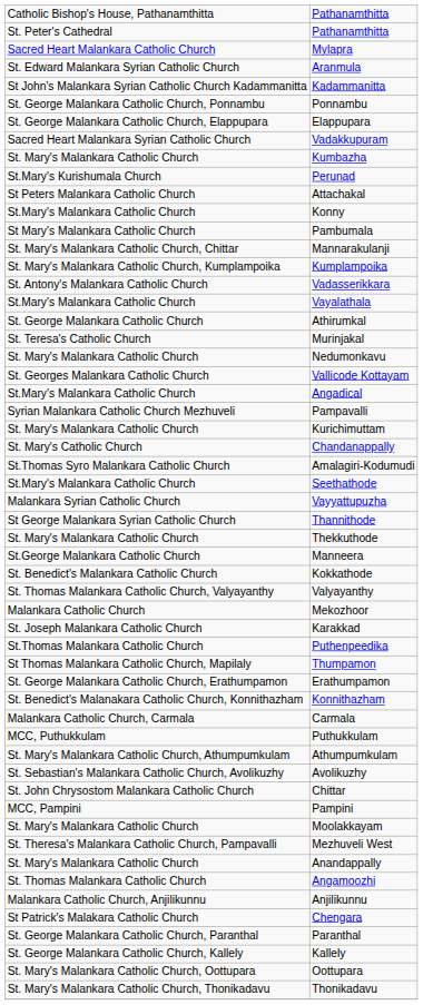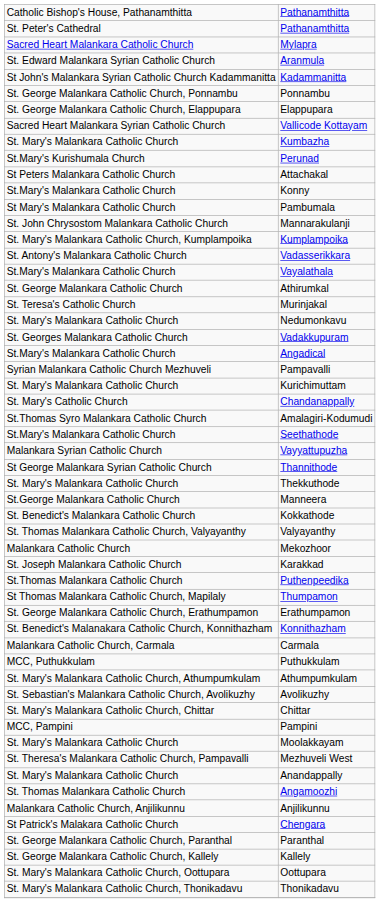 <table class="wikitable">
 <tr>
 <td>Catholic Bishop's House, Pathanamthitta</td>
 <td><a href='#'>Pathanamthitta</a></td>
 </tr>
 <tr>
 <td>St. Peter's Cathedral</td>
 <td><a href='#'>Pathanamthitta</a></td>
 </tr>
 <tr>
 <td><a href='#'>Sacred Heart  Malankara Catholic Church</a></td>
 <td><a href='#'>Mylapra</a></td>
 </tr>
 <tr>
 <td>St. Edward  Malankara Syrian Catholic Church</td>
 <td><a href='#'>Aranmula</a></td>
 </tr>
 <tr>
 <td>St John's  Malankara Syrian Catholic Church Kadammanitta</td>
 <td><a href='#'>Kadammanitta</a></td>
 </tr>
 <tr>
 <td>St. George  Malankara Catholic Church, Ponnambu</td>
 <td>Ponnambu</td>
 </tr>
 <tr>
 <td>St. George  Malankara Catholic Church, Elappupara</td>
 <td>Elappupara</td>
 </tr>
 <tr>
 <td>Sacred Heart  Malankara Syrian Catholic Church</td>
-<td><a href='#'>Vadakkupuram</a></td>
+<td><a href='#'>Vallicode Kottayam</a></td>
 </tr>
 <tr>
 <td>St. Mary's  Malankara Catholic Church</td>
 <td><a href='#'>Kumbazha</a></td>
 </tr>
 <tr>
 <td>St.Mary's  Kurishumala Church</td>
 <td><a href='#'>Perunad</a></td>
 </tr>
 <tr>
 <td>St Peters  Malankara Catholic Church</td>
 <td>Attachakal</td>
 </tr>
 <tr>
 <td>St.Mary's  Malankara Catholic Church</td>
 <td>Konny</td>
 </tr>
 <tr>
 <td>St Mary's  Malankara Catholic Church</td>
 <td>Pambumala</td>
 </tr>
 <tr>
-<td>St. Mary's  Malankara Catholic Church, Chittar</td>
+<td>St. John  Chrysostom Malankara Catholic Church</td>
 <td>Mannarakulanji</td>
 </tr>
 <tr>
 <td>St. Mary's Malankara Catholic Church, Kumplampoika</td>
 <td><a href='#'>Kumplampoika</a></td>
 </tr>
 <tr>
 <td>St. Antony's Malankara Catholic Church</td>
 <td><a href='#'>Vadasserikkara</a></td>
 </tr>
 <tr>
 <td>St.Mary's  Malankara Catholic Church</td>
 <td><a href='#'>Vayalathala</a></td>
 </tr>
 <tr>
 <td>St. George  Malankara Catholic Church</td>
 <td>Athirumkal</td>
 </tr>
 <tr>
 <td>St. Teresa's  Catholic Church</td>
 <td>Murinjakal</td>
 </tr>
 <tr>
 <td>St. Mary's  Malankara Catholic Church</td>
 <td>Nedumonkavu</td>
 </tr>
 <tr>
 <td>St. Georges  Malankara Catholic Church</td>
-<td><a href='#'>Vallicode Kottayam</a></td>
+<td><a href='#'>Vadakkupuram</a></td>
 </tr>
 <tr>
 <td>St.Mary's  Malankara Catholic Church</td>
 <td><a href='#'>Angadical</a></td>
 </tr>
 <tr>
 <td>Syrian  Malankara Catholic Church Mezhuveli</td>
 <td>Pampavalli</td>
 </tr>
 <tr>
 <td>St. Mary's  Malankara Catholic Church</td>
 <td>Kurichimuttam</td>
 </tr>
 <tr>
 <td>St. Mary's  Catholic Church</td>
 <td><a href='#'>Chandanappally</a></td>
 </tr>
 <tr>
 <td>St.Thomas Syro  Malankara Catholic Church</td>
 <td>Amalagiri-Kodumudi</td>
 </tr>
 <tr>
 <td>St.Mary's  Malankara Catholic Church</td>
 <td><a href='#'>Seethathode</a></td>
 </tr>
 <tr>
 <td>Malankara  Syrian Catholic Church</td>
 <td><a href='#'>Vayyattupuzha</a></td>
 </tr>
 <tr>
 <td>St George  Malankara Syrian Catholic Church</td>
 <td><a href='#'>Thannithode</a></td>
 </tr>
 <tr>
 <td>St. Mary's Malankara Catholic Church</td>
 <td>Thekkuthode</td>
 </tr>
 <tr>
 <td>St.George  Malankara Catholic Church</td>
 <td>Manneera</td>
 </tr>
 <tr>
 <td>St. Benedict's Malankara Catholic Church</td>
 <td>Kokkathode</td>
 </tr>
 <tr>
 <td>St. Thomas  Malankara Catholic Church, Valyayanthy</td>
 <td>Valyayanthy</td>
 </tr>
 <tr>
 <td>Malankara  Catholic Church</td>
 <td>Mekozhoor</td>
 </tr>
 <tr>
 <td>St. Joseph  Malankara Catholic Church</td>
 <td>Karakkad</td>
 </tr>
 <tr>
 <td>St.Thomas  Malankara Catholic Church</td>
 <td><a href='#'>Puthenpeedika</a></td>
 </tr>
 <tr>
 <td>St Thomas  Malankara Catholic Church, Mapilaly</td>
 <td><a href='#'>Thumpamon</a></td>
 </tr>
 <tr>
 <td>St. George  Malankara Catholic Church, Erathumpamon</td>
 <td>Erathumpamon</td>
 </tr>
 <tr>
 <td>St. Benedict's  Malanakara Catholic Church, Konnithazham</td>
 <td><a href='#'>Konnithazham</a></td>
 </tr>
 <tr>
 <td>Malankara  Catholic Church, Carmala</td>
 <td>Carmala</td>
 </tr>
 <tr>
 <td>MCC,  Puthukkulam</td>
 <td>Puthukkulam</td>
 </tr>
 <tr>
 <td>St. Mary's  Malankara Catholic Church, Athumpumkulam</td>
 <td>Athumpumkulam</td>
 </tr>
 <tr>
 <td>St.  Sebastian's Malankara Catholic Church, Avolikuzhy</td>
 <td>Avolikuzhy</td>
 </tr>
 <tr>
-<td>St. John  Chrysostom Malankara Catholic Church</td>
+<td>St. Mary's  Malankara Catholic Church, Chittar</td>
 <td>Chittar</td>
 </tr>
 <tr>
 <td>MCC, Pampini</td>
 <td>Pampini</td>
 </tr>
 <tr>
 <td>St. Mary's  Malankara Catholic Church</td>
 <td>Moolakkayam</td>
 </tr>
 <tr>
 <td>St. Theresa's  Malankara Catholic Church, Pampavalli</td>
 <td>Mezhuveli West</td>
 </tr>
 <tr>
 <td>St. Mary's  Malankara Catholic Church</td>
 <td>Anandappally</td>
 </tr>
 <tr>
 <td>St. Thomas  Malankara Catholic Church</td>
 <td><a href='#'>Angamoozhi</a></td>
 </tr>
 <tr>
 <td>Malankara  Catholic Church, Anjilikunnu</td>
 <td>Anjilikunnu</td>
 </tr>
 <tr>
 <td>St Patrick's  Malakara Catholic Church</td>
 <td><a href='#'>Chengara</a></td>
 </tr>
 <tr>
 <td>St. George  Malankara Catholic Church, Paranthal</td>
 <td>Paranthal</td>
 </tr>
 <tr>
 <td>St. George  Malankara Catholic Church, Kallely</td>
 <td>Kallely</td>
 </tr>
 <tr>
 <td>St. Mary's  Malankara Catholic Church, Oottupara</td>
 <td>Oottupara</td>
 </tr>
 <tr>
 <td>St. Mary's Malankara Catholic Church, Thonikadavu</td>
 <td>Thonikadavu</td>
 </tr>
 <tr>
 </tr>
 </table>
